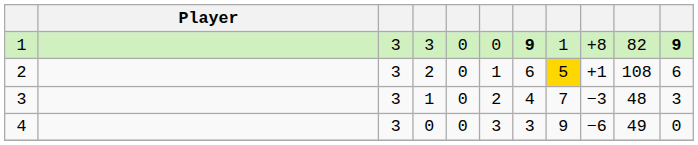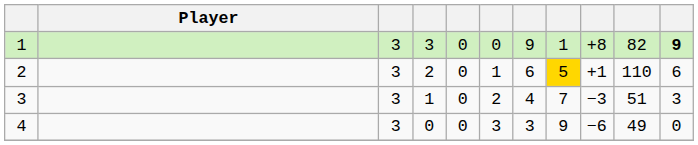 <table class="wikitable" style="text-align:center;">
 <tr>
 <th width=20></th>
 <th width=260>Player</th>
 <th width=20></th>
 <th width=20></th>
 <th width=20></th>
 <th width=20></th>
 <th width=20></th>
 <th width=20></th>
 <th width=20></th>
 <th width=30></th>
 <th width=20></th>
 </tr>
 <tr style="background:#D0F0C0;">
 <td>1</td>
 <td align=left> <small></small></td>
 <td>3</td>
 <td>3</td>
 <td>0</td>
 <td>0</td>
-<td><strong>9</strong></td>
+<td>9</td>
 <td>1</td>
 <td>+8</td>
 <td>82</td>
 <td><strong>9</strong></td>
 </tr>
 <tr>
 <td>2</td>
 <td align=left> <small></small></td>
 <td>3</td>
 <td>2</td>
 <td>0</td>
 <td>1</td>
 <td>6</td>
 <td style="background: gold;">5</td>
 <td>+1</td>
-<td>108</td>
+<td>110</td>
 <td>6</td>
 </tr>
 <tr>
 <td>3</td>
 <td align=left> <small></small></td>
 <td>3</td>
 <td>1</td>
 <td>0</td>
 <td>2</td>
 <td>4</td>
 <td>7</td>
 <td>−3</td>
-<td>48</td>
+<td>51</td>
 <td>3</td>
 </tr>
 <tr>
 <td>4</td>
 <td align=left> <small></small></td>
 <td>3</td>
 <td>0</td>
 <td>0</td>
 <td>3</td>
 <td>3</td>
 <td>9</td>
 <td>−6</td>
 <td>49</td>
 <td>0</td>
 </tr>
 <tr>
 </tr>
 </table>
